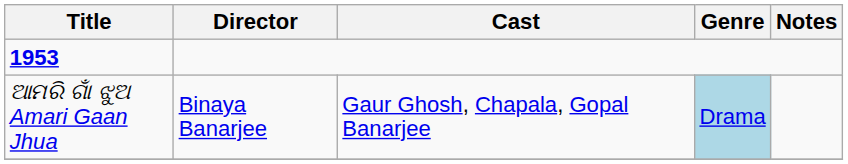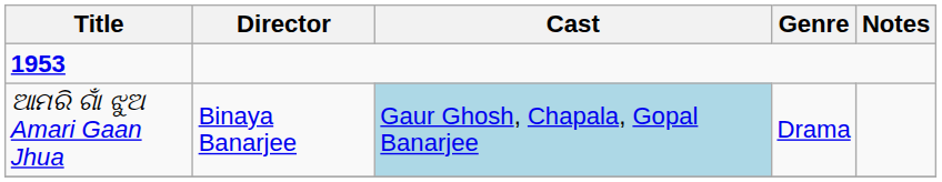 <table class="wikitable">
 <tr>
 <th>Title</th>
 <th>Director</th>
 <th>Cast</th>
 <th>Genre</th>
 <th>Notes</th>
 </tr>
 <tr>
 <td><strong><a href='#'>1953</a></strong></td>
 </tr>
 <tr>
 <td><em>ଆମରି ଗାଁ ଝୁଅ<br><a href='#'>Amari Gaan Jhua</a></em></td>
 <td><a href='#'>Binaya Banarjee</a></td>
-<td><a href='#'>Gaur Ghosh</a>, <a href='#'>Chapala</a>, <a href='#'>Gopal Banarjee</a></td>
-<td style="background: lightblue;"><a href='#'>Drama</a></td>
+<td style="background: lightblue;"><a href='#'>Gaur Ghosh</a>, <a href='#'>Chapala</a>, <a href='#'>Gopal Banarjee</a></td>
+<td><a href='#'>Drama</a></td>
 <td></td>
 </tr>
 <tr>
 </tr>
 </table>
